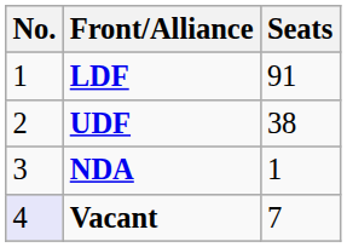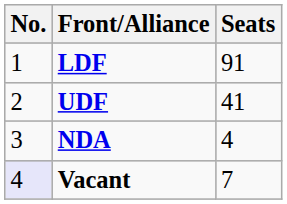 <table class="wikitable sortable">
 <tr>
 <th scope="col">No.</th>
 <th scope="col">Front/Alliance</th>
 <th scope="col">Seats</th>
 </tr>
 <tr>
 <td>1</td>
 <td style="background:"><strong><a href='#'><span>LDF</span></a></strong></td>
 <td>91</td>
 </tr>
 <tr>
 <td>2</td>
 <td style="background-color:"><strong><a href='#'><span>UDF</span></a></strong></td>
-<td>38</td>
+<td>41</td>
 </tr>
 <tr>
 <td>3</td>
 <td style="background-color:"><strong><a href='#'><span>NDA</span></a></strong></td>
-<td>1</td>
+<td>4</td>
 </tr>
 <tr>
 <td style="background: lavender;">4</td>
 <td><strong>Vacant</strong></td>
 <td>7</td>
 </tr>
 </table>
